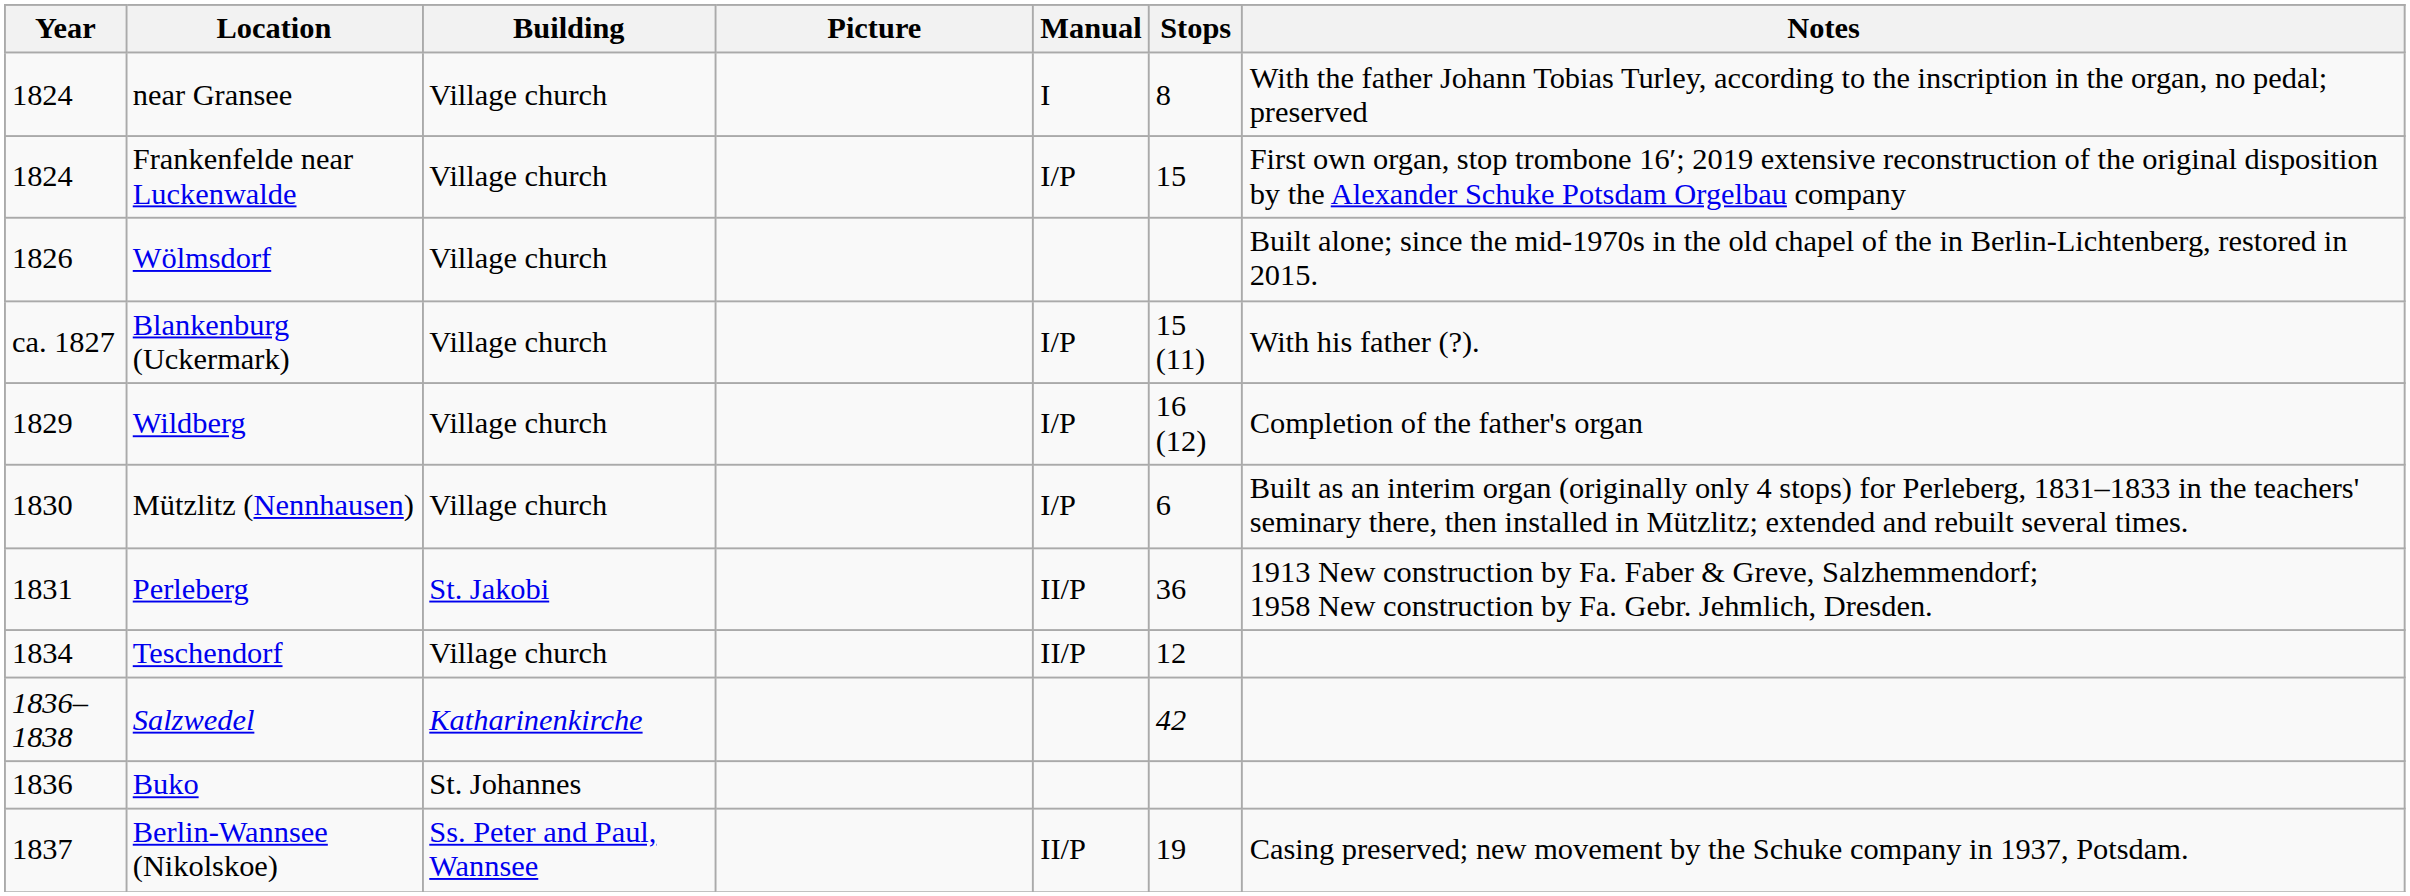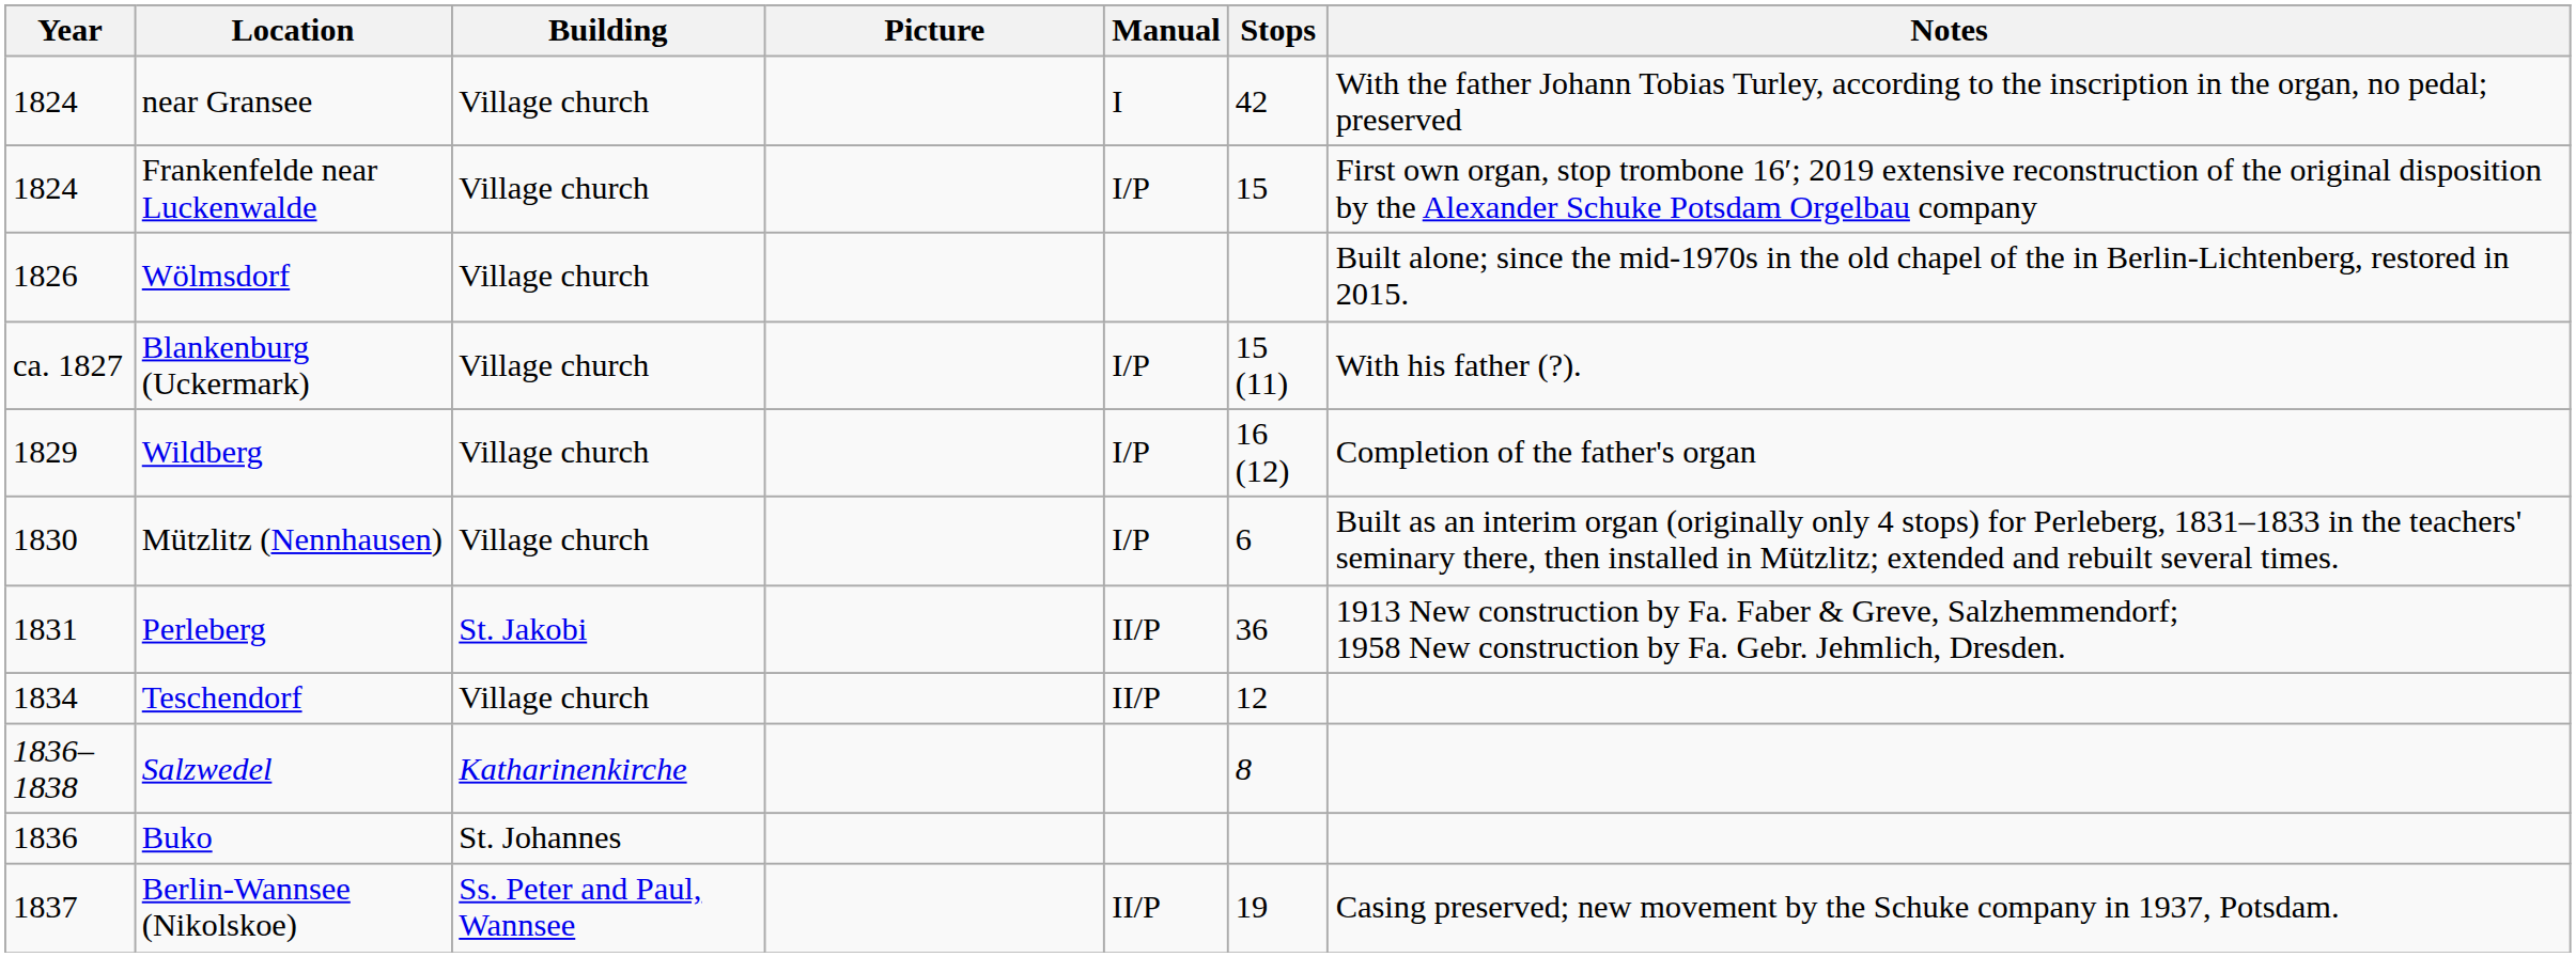 <table class="wikitable sortable" width="100%">
 <tr class="hintergrundfarbe5">
 <th>Year</th>
 <th>Location</th>
 <th>Building</th>
 <th class=unsortable style="width:160px">Picture</th>
 <th>Manual</th>
 <th>Stops</th>
 <th class="unsortable">Notes</th>
 </tr>
 <tr>
 <td>1824</td>
 <td> near Gransee</td>
 <td>Village church</td>
 <td></td>
 <td>I</td>
-<td>8</td>
+<td>42</td>
 <td>With the father Johann Tobias Turley, according to the inscription in the organ, no pedal; preserved</td>
 </tr>
 <tr>
 <td>1824</td>
 <td>Frankenfelde  near <a href='#'>Luckenwalde</a></td>
 <td>Village church</td>
 <td></td>
 <td>I/P</td>
 <td>15</td>
 <td>First own organ, stop trombone 16′; 2019 extensive reconstruction of the original disposition by the <a href='#'>Alexander Schuke Potsdam Orgelbau</a> company</td>
 </tr>
 <tr>
 <td>1826</td>
 <td><a href='#'>Wölmsdorf</a></td>
 <td>Village church</td>
 <td></td>
 <td></td>
 <td></td>
 <td>Built alone; since the mid-1970s in the old chapel of the  in Berlin-Lichtenberg, restored in 2015.</td>
 </tr>
 <tr>
 <td>ca. 1827</td>
 <td><a href='#'>Blankenburg</a> (Uckermark)</td>
 <td>Village church</td>
 <td></td>
 <td>I/P</td>
 <td>15 (11)</td>
 <td>With his father (?).</td>
 </tr>
 <tr>
 <td>1829</td>
 <td><a href='#'>Wildberg</a></td>
 <td>Village church</td>
 <td></td>
 <td>I/P</td>
 <td>16 (12)</td>
 <td>Completion of the father's organ</td>
 </tr>
 <tr>
 <td>1830</td>
 <td>Mützlitz (<a href='#'>Nennhausen</a>)</td>
 <td>Village church</td>
 <td></td>
 <td>I/P</td>
 <td>6</td>
 <td>Built as an interim organ (originally only 4 stops) for Perleberg, 1831–1833 in the teachers' seminary there, then installed in Mützlitz; extended and rebuilt several times.</td>
 </tr>
 <tr>
 <td>1831</td>
 <td><a href='#'>Perleberg</a></td>
 <td><a href='#'>St. Jakobi</a></td>
 <td></td>
 <td>II/P</td>
 <td>36</td>
 <td>1913 New construction by Fa. Faber & Greve, Salzhemmendorf;<br>1958 New construction by Fa. Gebr. Jehmlich, Dresden. </td>
 </tr>
 <tr>
 <td>1834</td>
 <td><a href='#'>Teschendorf</a></td>
 <td>Village church</td>
 <td></td>
 <td>II/P</td>
 <td>12</td>
 <td></td>
 </tr>
 <tr style="font-style:italic;">
 <td>1836–1838</td>
 <td><a href='#'>Salzwedel</a></td>
 <td><a href='#'>Katharinenkirche</a></td>
 <td></td>
 <td></td>
-<td>42</td>
+<td>8</td>
 <td></td>
 </tr>
 <tr>
 <td>1836</td>
 <td><a href='#'>Buko</a></td>
 <td>St. Johannes</td>
 <td></td>
 <td></td>
 <td></td>
 <td></td>
 </tr>
 <tr>
 <td>1837</td>
 <td><a href='#'>Berlin-Wannsee</a> (Nikolskoe)</td>
 <td><a href='#'>Ss. Peter and Paul, Wannsee</a></td>
 <td></td>
 <td>II/P</td>
 <td>19</td>
 <td>Casing preserved; new movement by the Schuke company in 1937, Potsdam.</td>
 </tr>
 </table>
